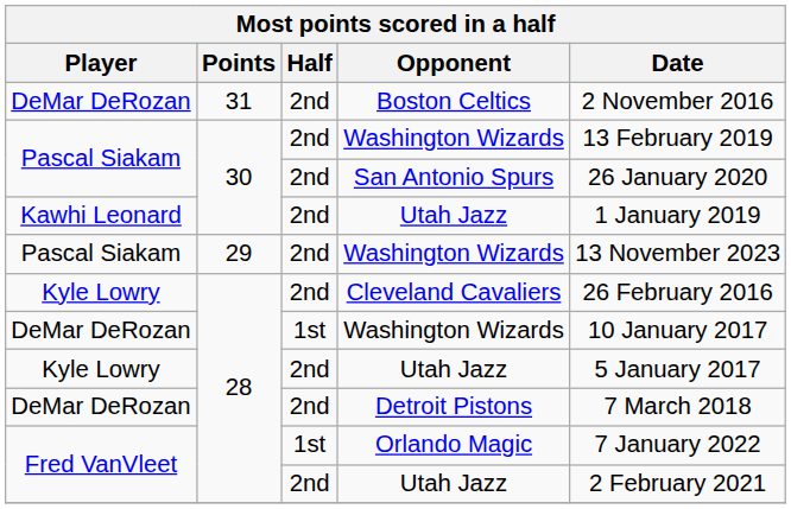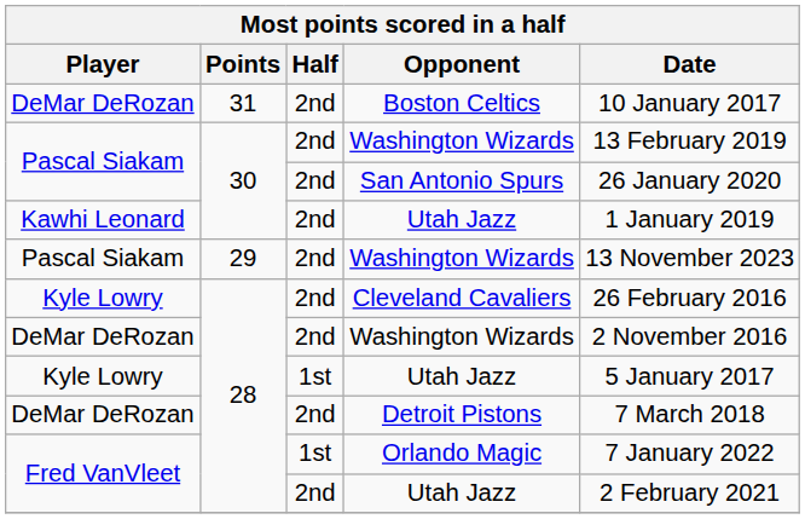 <table class="wikitable sortable" style="text-align:center">
 <tr>
 <th colspan="5">Most points scored in a half</th>
 </tr>
 <tr>
 <th>Player</th>
 <th>Points</th>
 <th>Half</th>
 <th>Opponent</th>
 <th>Date</th>
 </tr>
 <tr>
 <td><a href='#'>DeMar DeRozan</a></td>
 <td>31</td>
 <td>2nd</td>
 <td><a href='#'>Boston Celtics</a></td>
-<td>2 November 2016</td>
+<td>10 January 2017</td>
 </tr>
 <tr>
 <td rowspan=2><a href='#'>Pascal Siakam</a></td>
 <td rowspan =3>30</td>
 <td>2nd</td>
 <td><a href='#'>Washington Wizards</a></td>
 <td>13 February 2019</td>
 </tr>
 <tr>
 <td>2nd</td>
 <td><a href='#'>San Antonio Spurs</a></td>
 <td>26 January 2020</td>
 </tr>
 <tr>
 <td><a href='#'>Kawhi Leonard</a></td>
 <td>2nd</td>
 <td><a href='#'>Utah Jazz</a></td>
 <td>1 January 2019</td>
 </tr>
 <tr>
 <td>Pascal Siakam</td>
 <td>29</td>
 <td>2nd</td>
 <td><a href='#'>Washington Wizards</a></td>
 <td>13 November 2023</td>
 </tr>
 <tr>
 <td><a href='#'>Kyle Lowry</a></td>
 <td rowspan=6>28</td>
 <td>2nd</td>
 <td><a href='#'>Cleveland Cavaliers</a></td>
 <td>26 February 2016</td>
 </tr>
 <tr>
 <td>DeMar DeRozan</td>
-<td>1st</td>
+<td>2nd</td>
 <td>Washington Wizards</td>
-<td>10 January 2017</td>
+<td>2 November 2016</td>
 </tr>
 <tr>
 <td>Kyle Lowry</td>
-<td>2nd</td>
+<td>1st</td>
 <td>Utah Jazz</td>
 <td>5 January 2017</td>
 </tr>
 <tr>
 <td>DeMar DeRozan</td>
 <td>2nd</td>
 <td><a href='#'>Detroit Pistons</a></td>
 <td>7 March 2018</td>
 </tr>
 <tr>
 <td rowspan=2><a href='#'>Fred VanVleet</a></td>
 <td>1st</td>
 <td><a href='#'>Orlando Magic</a></td>
 <td>7 January 2022</td>
 </tr>
 <tr>
 <td>2nd</td>
 <td>Utah Jazz</td>
 <td>2 February 2021</td>
 </tr>
 <tr>
 </tr>
 </table>
